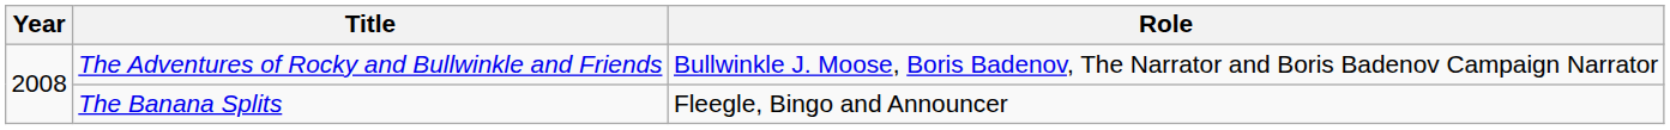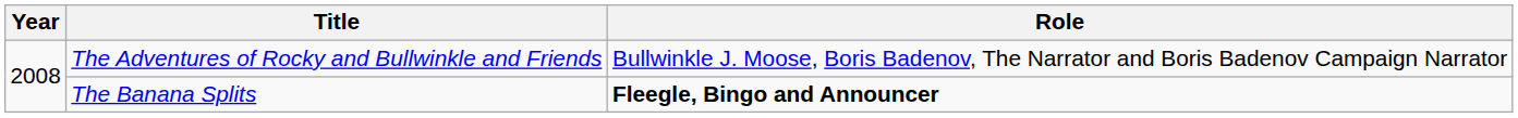 <table class="wikitable sortable plainrowheaders">
 <tr>
 <th scope="col">Year</th>
 <th scope="col">Title</th>
 <th scope="col">Role</th>
 </tr>
 <tr>
 <td rowspan="2">2008</td>
 <td><em><a href='#'>The Adventures of Rocky and Bullwinkle and Friends</a></em></td>
 <td><a href='#'>Bullwinkle J. Moose</a>, <a href='#'>Boris Badenov</a>, The Narrator and Boris Badenov Campaign Narrator</td>
 </tr>
 <tr>
 <td><em><a href='#'>The Banana Splits</a></em></td>
-<td>Fleegle, Bingo and Announcer</td>
+<td><strong>Fleegle, Bingo and Announcer</strong></td>
 </tr>
 </table>
